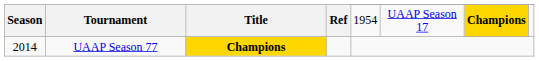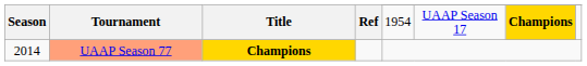 <table class="wikitable sortable" style="text-align:center" width="80%">
 <tr>
 <th style="width:25px;" rowspan="2">Season</th>
 <th style="width:180px;" rowspan="2">Tournament</th>
 <th style="width:180px;" rowspan="2">Title</th>
 <th style="width:25px;" rowspan="2">Ref</th>
 </tr>
 <tr align=center>
 <td>1954</td>
 <td><a href='#'>UAAP Season 17</a></td>
 <td style="background:gold;"><strong>Champions</strong></td>
 <td></td>
 </tr>
 <tr align=center>
 <td>2014</td>
-<td><a href='#'>UAAP Season 77</a></td>
+<td style="background: lightsalmon;"><a href='#'>UAAP Season 77</a></td>
 <td style="background:gold;"><strong>Champions</strong></td>
 <td></td>
 </tr>
 </table>
